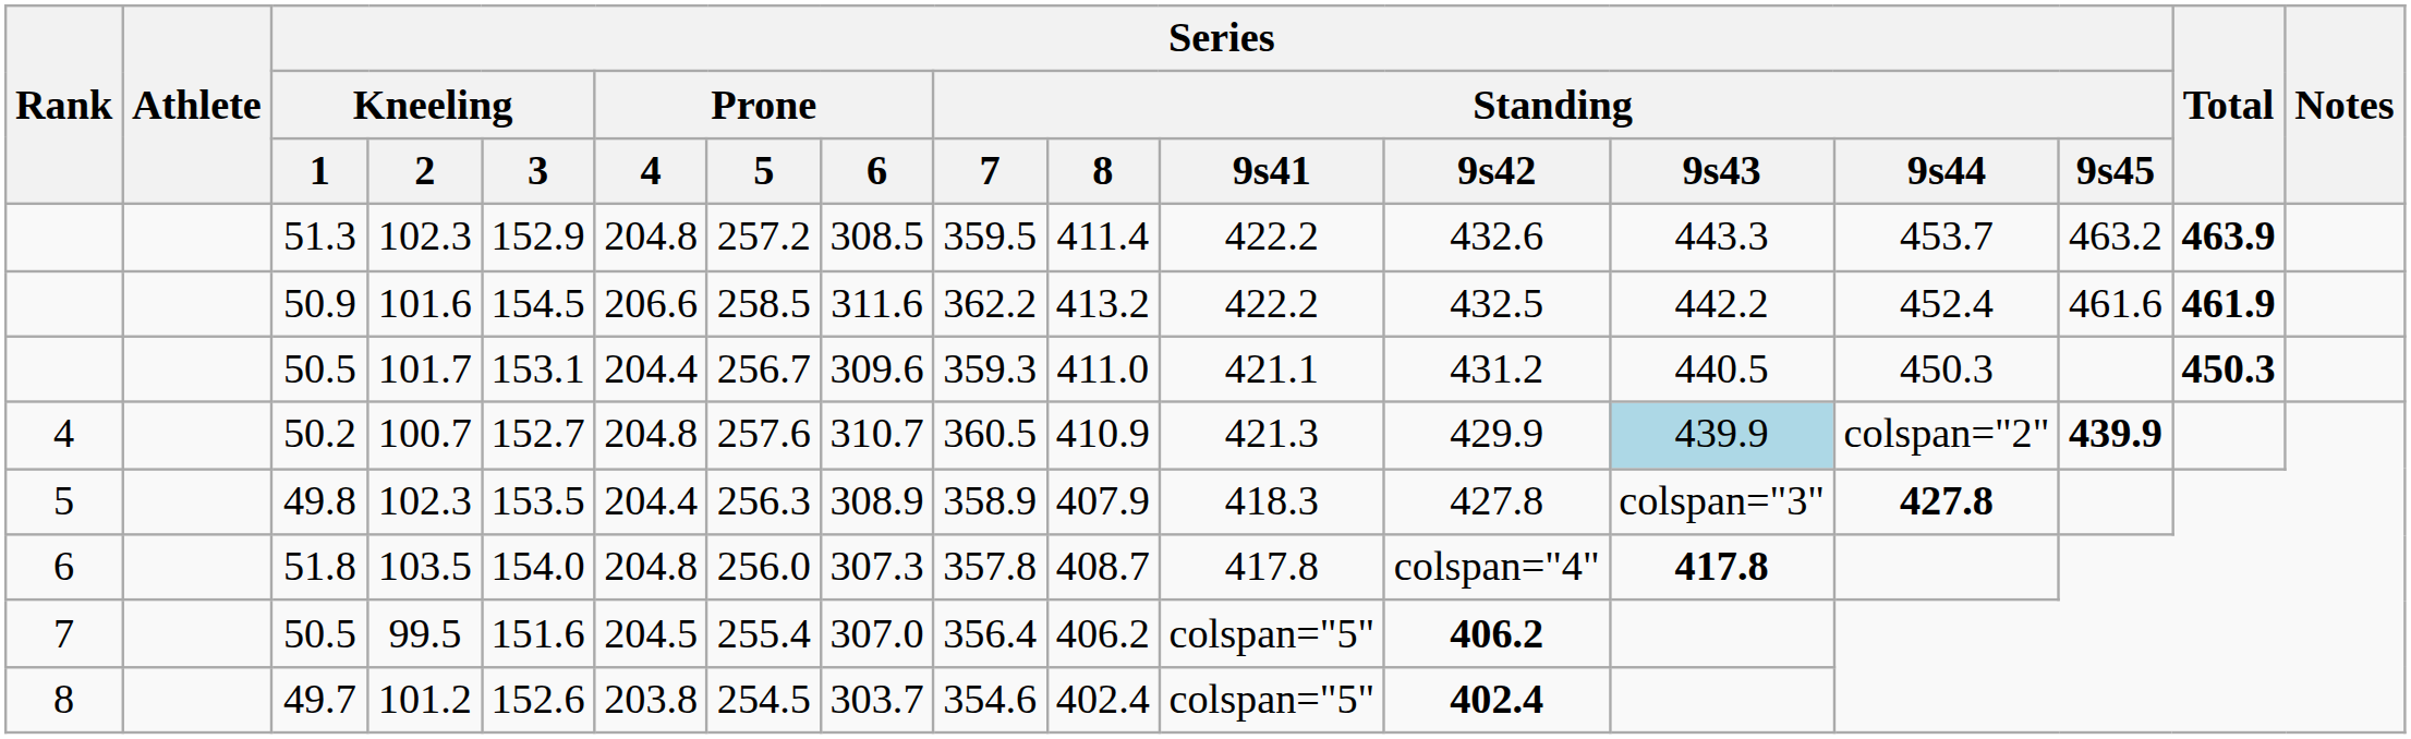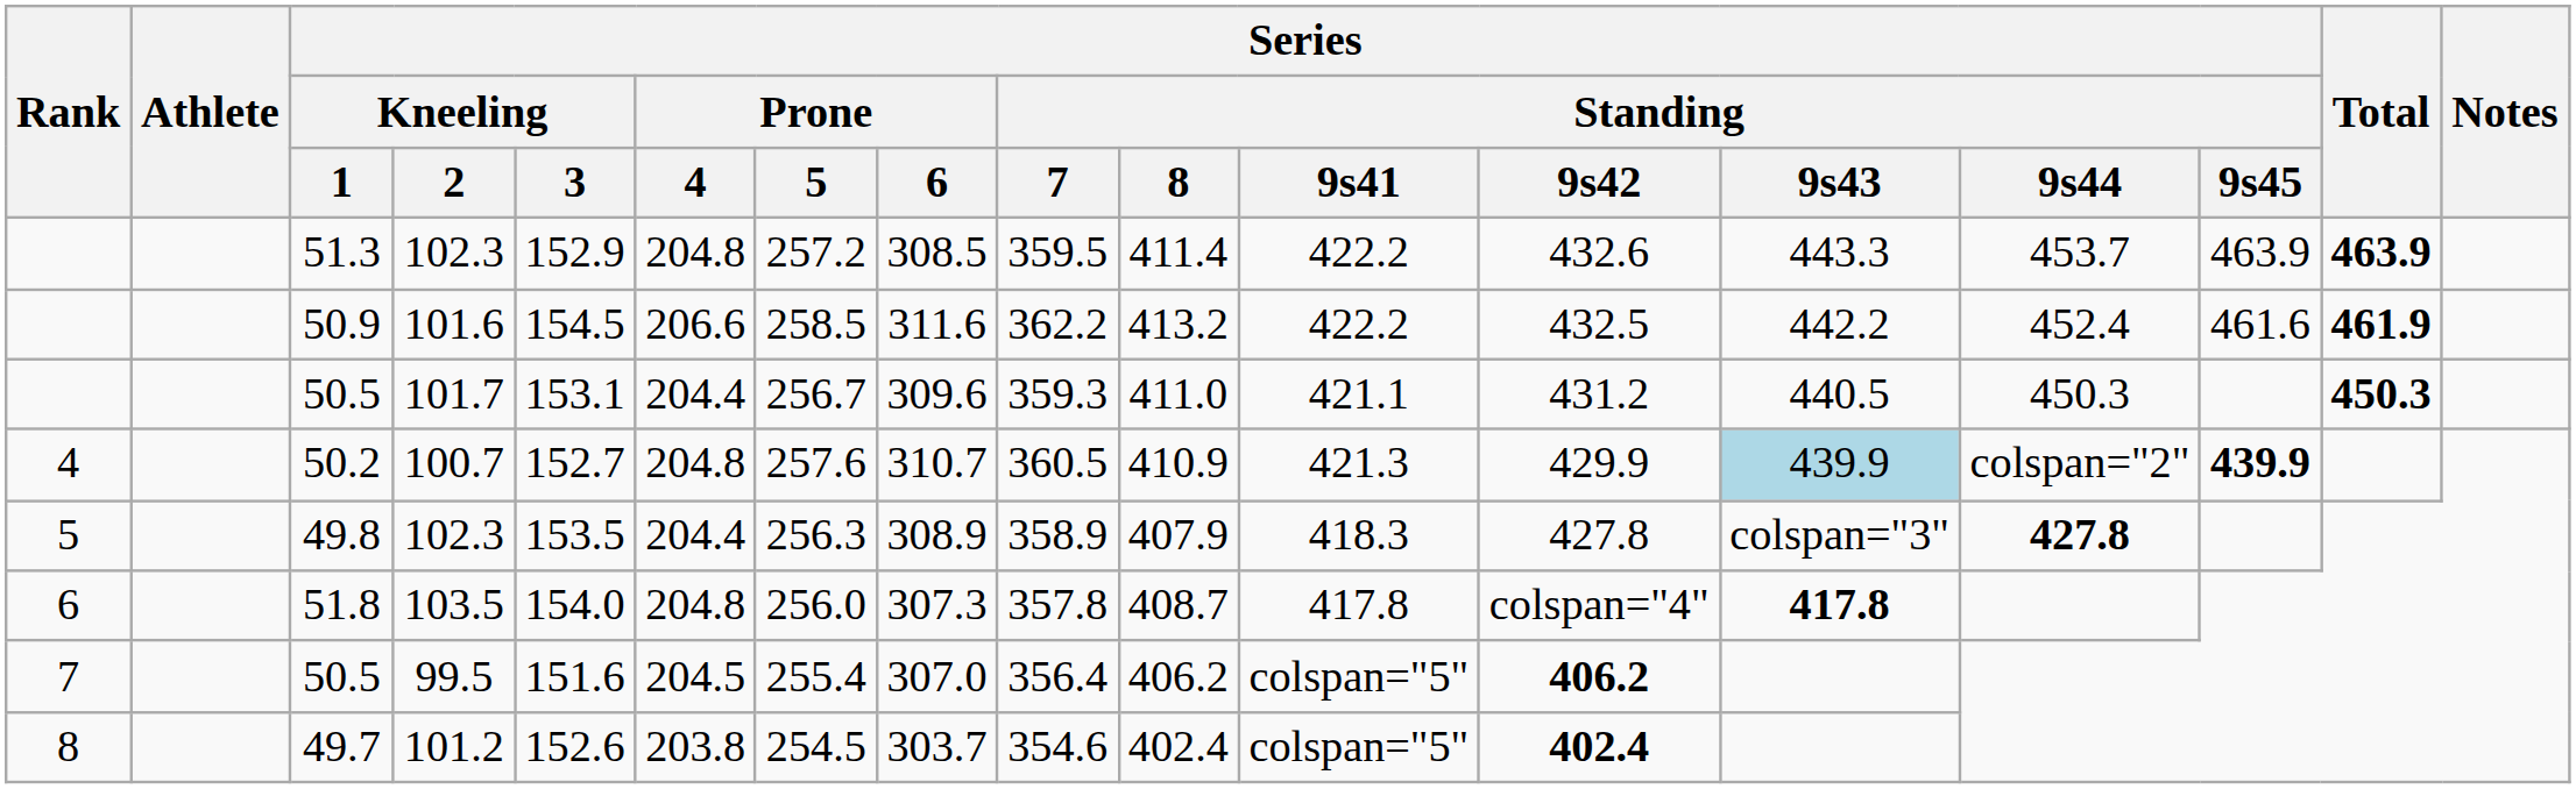 <table class="wikitable" style="text-align:center">
 <tr>
 <th rowspan=3>Rank</th>
 <th rowspan=3>Athlete</th>
 <th colspan=13>Series</th>
 <th rowspan=3>Total</th>
 <th rowspan=3>Notes</th>
 </tr>
 <tr>
 <th colspan=3>Kneeling</th>
 <th colspan=3>Prone</th>
 <th colspan=7>Standing</th>
 </tr>
 <tr>
 <th width=30>1</th>
 <th width=30>2</th>
 <th width=30>3</th>
 <th width=30>4</th>
 <th width=30>5</th>
 <th width=30>6</th>
 <th width=30>7</th>
 <th width=30>8</th>
 <th width=30>9s41</th>
 <th width=30>9s42</th>
 <th width=30>9s43</th>
 <th width=30>9s44</th>
 <th width=30>9s45</th>
 </tr>
 <tr>
 <td></td>
 <td align=left></td>
 <td>51.3</td>
 <td>102.3</td>
 <td>152.9</td>
 <td>204.8</td>
 <td>257.2</td>
 <td>308.5</td>
 <td>359.5</td>
 <td>411.4</td>
 <td>422.2</td>
 <td>432.6</td>
 <td>443.3</td>
 <td>453.7</td>
-<td>463.2</td>
+<td>463.9</td>
 <td><strong>463.9</strong></td>
 <td></td>
 </tr>
 <tr>
 <td></td>
 <td align=left></td>
 <td>50.9</td>
 <td>101.6</td>
 <td>154.5</td>
 <td>206.6</td>
 <td>258.5</td>
 <td>311.6</td>
 <td>362.2</td>
 <td>413.2</td>
 <td>422.2</td>
 <td>432.5</td>
 <td>442.2</td>
 <td>452.4</td>
 <td>461.6</td>
 <td><strong>461.9</strong></td>
 <td></td>
 </tr>
 <tr>
 <td></td>
 <td align=left></td>
 <td>50.5</td>
 <td>101.7</td>
 <td>153.1</td>
 <td>204.4</td>
 <td>256.7</td>
 <td>309.6</td>
 <td>359.3</td>
 <td>411.0</td>
 <td>421.1</td>
 <td>431.2</td>
 <td>440.5</td>
 <td>450.3</td>
 <td></td>
 <td><strong>450.3</strong></td>
 <td></td>
 </tr>
 <tr>
 <td>4</td>
 <td align=left></td>
 <td>50.2</td>
 <td>100.7</td>
 <td>152.7</td>
 <td>204.8</td>
 <td>257.6</td>
 <td>310.7</td>
 <td>360.5</td>
 <td>410.9</td>
 <td>421.3</td>
 <td>429.9</td>
 <td style="background: lightblue;">439.9</td>
 <td>colspan="2" </td>
 <td><strong>439.9</strong></td>
 <td></td>
 </tr>
 <tr>
 <td>5</td>
 <td align=left></td>
 <td>49.8</td>
 <td>102.3</td>
 <td>153.5</td>
 <td>204.4</td>
 <td>256.3</td>
 <td>308.9</td>
 <td>358.9</td>
 <td>407.9</td>
 <td>418.3</td>
 <td>427.8</td>
 <td>colspan="3" </td>
 <td><strong>427.8</strong></td>
 <td></td>
 </tr>
 <tr>
 <td>6</td>
 <td align=left></td>
 <td>51.8</td>
 <td>103.5</td>
 <td>154.0</td>
 <td>204.8</td>
 <td>256.0</td>
 <td>307.3</td>
 <td>357.8</td>
 <td>408.7</td>
 <td>417.8</td>
 <td>colspan="4" </td>
 <td><strong>417.8</strong></td>
 <td></td>
 </tr>
 <tr>
 <td>7</td>
 <td align=left></td>
 <td>50.5</td>
 <td>99.5</td>
 <td>151.6</td>
 <td>204.5</td>
 <td>255.4</td>
 <td>307.0</td>
 <td>356.4</td>
 <td>406.2</td>
 <td>colspan="5" </td>
 <td><strong>406.2</strong></td>
 <td></td>
 </tr>
 <tr>
 <td>8</td>
 <td align=left></td>
 <td>49.7</td>
 <td>101.2</td>
 <td>152.6</td>
 <td>203.8</td>
 <td>254.5</td>
 <td>303.7</td>
 <td>354.6</td>
 <td>402.4</td>
 <td>colspan="5" </td>
 <td><strong>402.4</strong></td>
 <td></td>
 </tr>
 </table>
